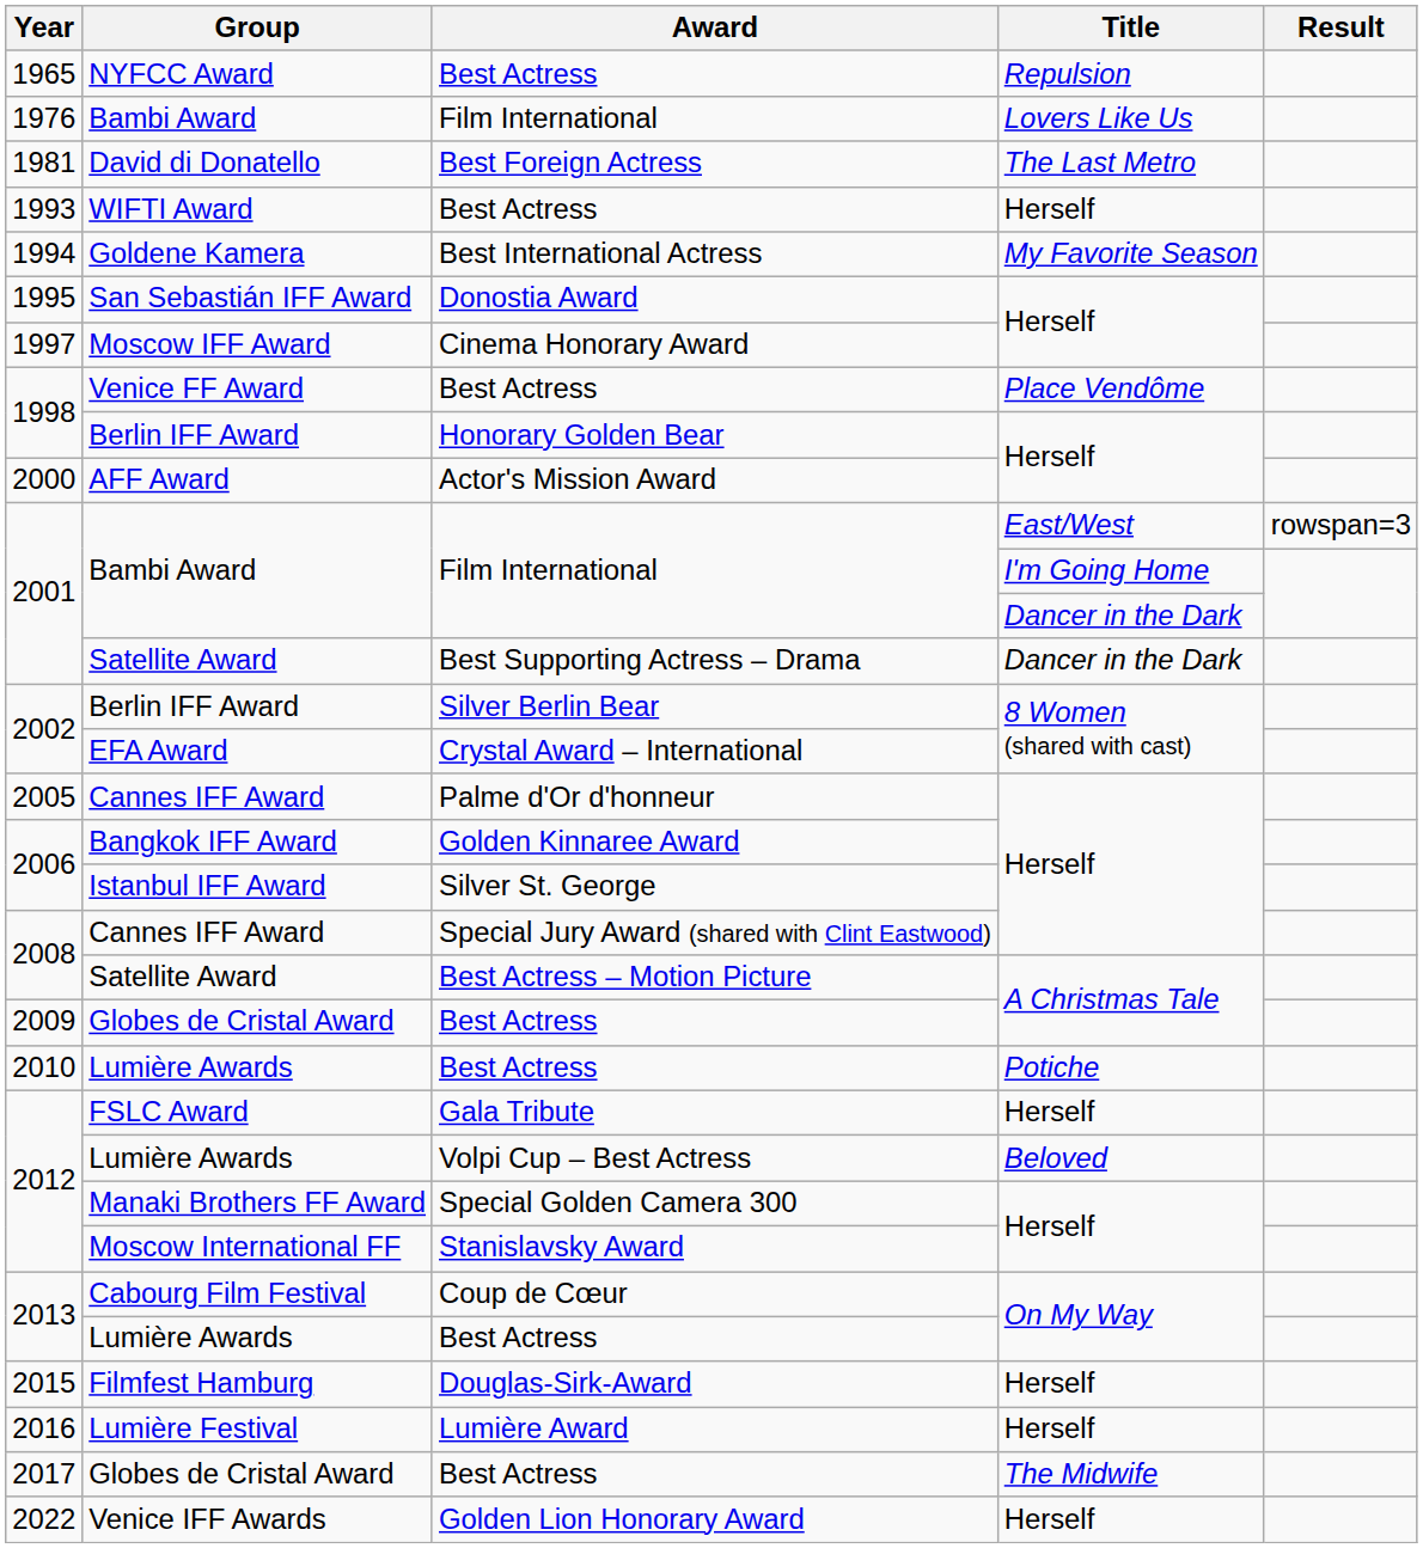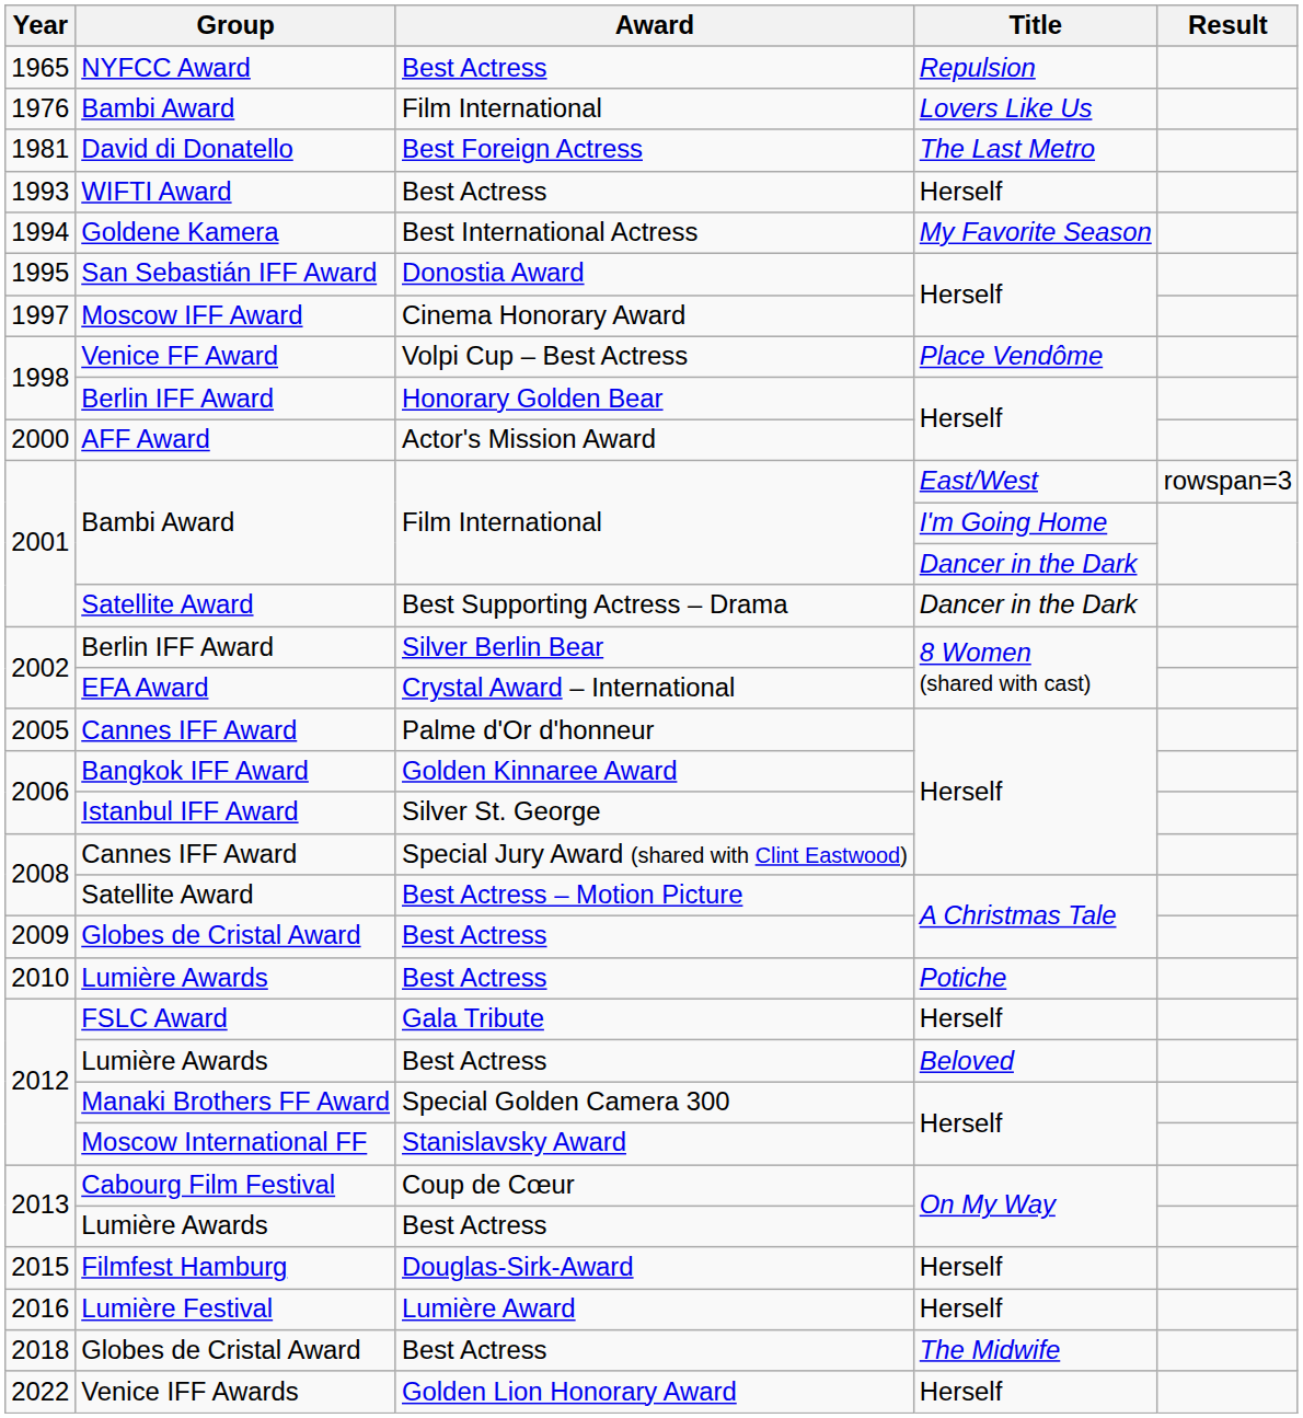 <table class="wikitable">
 <tr>
 <th>Year</th>
 <th>Group</th>
 <th>Award</th>
 <th>Title</th>
 <th>Result</th>
 </tr>
 <tr>
 <td>1965</td>
 <td><a href='#'>NYFCC Award</a></td>
 <td><a href='#'>Best Actress</a></td>
 <td><em><a href='#'>Repulsion</a></em></td>
 <td></td>
 </tr>
 <tr>
 <td>1976</td>
 <td><a href='#'>Bambi Award</a></td>
 <td>Film International</td>
 <td><em><a href='#'>Lovers Like Us</a></em></td>
 <td></td>
 </tr>
 <tr>
 <td>1981</td>
 <td><a href='#'>David di Donatello</a></td>
 <td><a href='#'>Best Foreign Actress</a></td>
 <td><em><a href='#'>The Last Metro</a></em></td>
 <td></td>
 </tr>
 <tr>
 <td>1993</td>
 <td><a href='#'>WIFTI Award</a></td>
 <td>Best Actress</td>
 <td>Herself</td>
 <td></td>
 </tr>
 <tr>
 <td>1994</td>
 <td><a href='#'>Goldene Kamera</a></td>
 <td>Best International Actress</td>
 <td><em><a href='#'>My Favorite Season</a></em></td>
 <td></td>
 </tr>
 <tr>
 <td>1995</td>
 <td><a href='#'>San Sebastián IFF Award</a></td>
 <td><a href='#'>Donostia Award</a></td>
 <td rowspan=2>Herself</td>
 <td></td>
 </tr>
 <tr>
 <td>1997</td>
 <td><a href='#'>Moscow IFF Award</a></td>
 <td>Cinema Honorary Award</td>
 <td></td>
 </tr>
 <tr>
 <td rowspan=2>1998</td>
 <td><a href='#'>Venice FF Award</a></td>
-<td>Best Actress</td>
+<td>Volpi Cup – Best Actress</td>
 <td><em><a href='#'>Place Vendôme</a></em></td>
 <td></td>
 </tr>
 <tr>
 <td><a href='#'>Berlin IFF Award</a></td>
 <td><a href='#'>Honorary Golden Bear</a></td>
 <td rowspan=2>Herself</td>
 <td></td>
 </tr>
 <tr>
 <td>2000</td>
 <td><a href='#'>AFF Award</a></td>
 <td>Actor's Mission Award</td>
 <td></td>
 </tr>
 <tr>
 <td rowspan=4>2001</td>
 <td rowspan=3>Bambi Award</td>
 <td rowspan=3>Film International</td>
 <td><em><a href='#'>East/West</a></em></td>
 <td>rowspan=3 </td>
 </tr>
 <tr>
 <td><em><a href='#'>I'm Going Home</a></em></td>
 </tr>
 <tr>
 <td><em><a href='#'>Dancer in the Dark</a></em></td>
 </tr>
 <tr>
 <td><a href='#'>Satellite Award</a></td>
 <td>Best Supporting Actress – Drama</td>
 <td><em>Dancer in the Dark</em></td>
 <td></td>
 </tr>
 <tr>
 <td rowspan=2>2002</td>
 <td>Berlin IFF Award</td>
 <td><a href='#'>Silver Berlin Bear</a></td>
 <td rowspan=2><em><a href='#'>8 Women</a></em> <br><small> (shared with cast)</small></td>
 <td></td>
 </tr>
 <tr>
 <td><a href='#'>EFA Award</a></td>
 <td><a href='#'>Crystal Award</a> – International</td>
 <td></td>
 </tr>
 <tr>
 <td>2005</td>
 <td><a href='#'>Cannes IFF Award</a></td>
 <td>Palme d'Or d'honneur</td>
 <td rowspan=4>Herself</td>
 <td></td>
 </tr>
 <tr>
 <td rowspan=2>2006</td>
 <td><a href='#'>Bangkok IFF Award</a></td>
 <td><a href='#'>Golden Kinnaree Award</a></td>
 <td></td>
 </tr>
 <tr>
 <td><a href='#'>Istanbul IFF Award</a></td>
 <td>Silver St. George</td>
 <td></td>
 </tr>
 <tr>
 <td rowspan=2>2008</td>
 <td>Cannes IFF Award</td>
 <td>Special Jury Award <small>(shared with <a href='#'>Clint Eastwood</a>)</small></td>
 <td></td>
 </tr>
 <tr>
 <td>Satellite Award</td>
 <td><a href='#'>Best Actress – Motion Picture</a></td>
 <td rowspan=2><em><a href='#'>A Christmas Tale</a></em></td>
 <td></td>
 </tr>
 <tr>
 <td>2009</td>
 <td><a href='#'>Globes de Cristal Award</a></td>
 <td><a href='#'>Best Actress</a></td>
 <td></td>
 </tr>
 <tr>
 <td>2010</td>
 <td><a href='#'>Lumière Awards</a></td>
 <td><a href='#'>Best Actress</a></td>
 <td><em><a href='#'>Potiche</a></em></td>
 <td></td>
 </tr>
 <tr>
 <td rowspan="4">2012</td>
 <td><a href='#'>FSLC Award</a></td>
 <td><a href='#'>Gala Tribute</a></td>
 <td>Herself</td>
 <td></td>
 </tr>
 <tr>
 <td>Lumière Awards</td>
-<td>Volpi Cup – Best Actress</td>
+<td>Best Actress</td>
 <td><em><a href='#'>Beloved</a></em></td>
 <td></td>
 </tr>
 <tr>
 <td><a href='#'>Manaki Brothers FF Award</a></td>
 <td>Special Golden Camera 300</td>
 <td rowspan="2">Herself</td>
 <td></td>
 </tr>
 <tr>
 <td><a href='#'>Moscow International FF</a></td>
 <td><a href='#'>Stanislavsky Award</a></td>
 <td></td>
 </tr>
 <tr>
 <td rowspan=2>2013</td>
 <td><a href='#'>Cabourg Film Festival</a></td>
 <td>Coup de Cœur</td>
 <td rowspan=2><em><a href='#'>On My Way</a></em></td>
 <td></td>
 </tr>
 <tr>
 <td>Lumière Awards</td>
 <td>Best Actress</td>
 <td></td>
 </tr>
 <tr>
 <td>2015</td>
 <td><a href='#'>Filmfest Hamburg</a></td>
 <td><a href='#'>Douglas-Sirk-Award</a></td>
 <td>Herself</td>
 <td></td>
 </tr>
 <tr>
 <td>2016</td>
 <td><a href='#'>Lumière Festival</a></td>
 <td><a href='#'>Lumière Award</a></td>
 <td>Herself</td>
 <td></td>
 </tr>
 <tr>
-<td>2017</td>
+<td>2018</td>
 <td>Globes de Cristal Award</td>
 <td>Best Actress</td>
 <td><em><a href='#'>The Midwife</a></em></td>
 <td></td>
 </tr>
 <tr>
 <td>2022</td>
 <td>Venice IFF Awards</td>
 <td><a href='#'>Golden Lion Honorary Award</a></td>
 <td>Herself</td>
 <td></td>
 </tr>
 </table>
